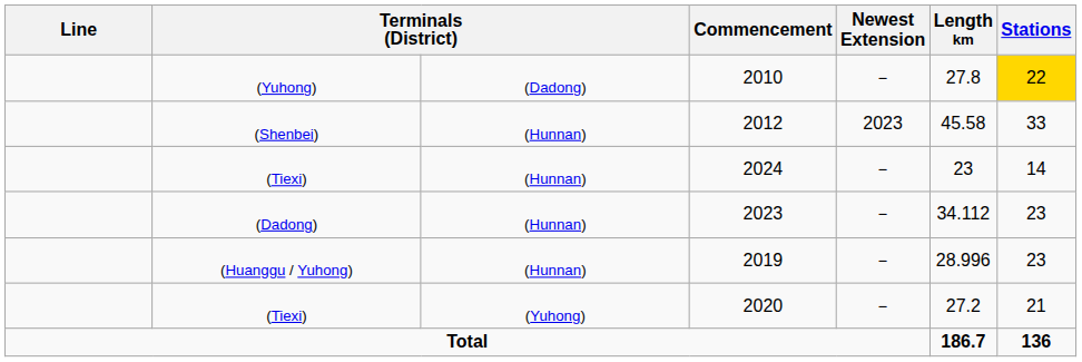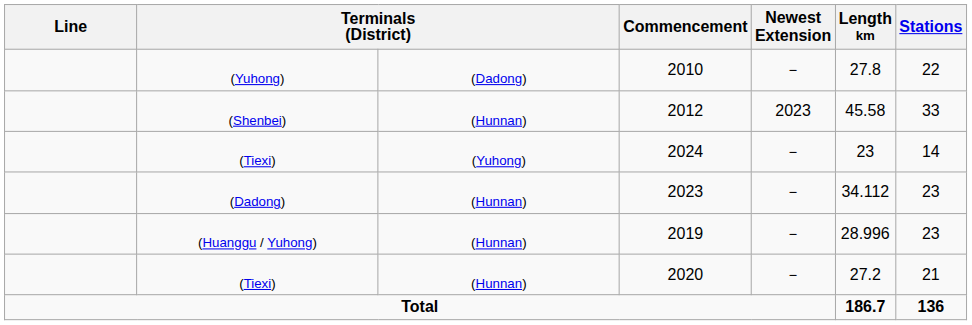 <table class="wikitable sortable" style="cell-padding:1.5; font-size:96%; text-align:center;">
 <tr>
 <th data-sort-type="text"style="width:120px;">Line</th>
 <th class="unsortable" colspan="2" style="width:450px; line-height:1.05">Terminals<br>(District)</th>
 <th>Commencement</th>
 <th>Newest<br>Extension</th>
 <th style="line-height:1.05">Length<br><small>km</small></th>
 <th style="line-height:1.05"><a href='#'>Stations</a></th>
 </tr>
 <tr>
 <td style="text-align:center; line-height:1.05"></td>
 <td style="text-align:center; width:225px; line-height:1.05"><strong></strong><br><small>(<a href='#'>Yuhong</a>)</small></td>
 <td style="text-align:center; width:225px; line-height:1.05"><strong></strong><br><small>(<a href='#'>Dadong</a>)</small></td>
 <td style="text-align:center; line-height:1.05">2010</td>
 <td style="text-align:center; line-height:1.05">－</td>
 <td style="text-align:center; line-height:1.05">27.8</td>
-<td style="background: gold; text-align:center; line-height:1.05">22</td>
+<td style="text-align:center; line-height:1.05">22</td>
 </tr>
 <tr>
 <td style="text-align:center; line-height:1.05"></td>
 <td style="text-align:center; width:225px; line-height:1.05"><strong></strong><br><small>(<a href='#'>Shenbei</a>)</small></td>
 <td style="text-align:center; width:225px; line-height:1.05"><strong></strong><br><small>(<a href='#'>Hunnan</a>)</small></td>
 <td style="text-align:center; line-height:1.05">2012</td>
 <td style="text-align:center; line-height:1.05">2023</td>
 <td style="text-align:center; line-height:1.05">45.58</td>
 <td style="text-align:center; line-height:1.05">33</td>
 </tr>
 <tr>
 <td style="text-align:center; line-height:1.05"></td>
 <td style="text-align:center; width:225px; line-height:1.05"><strong></strong><br><small>(<a href='#'>Tiexi</a>)</small></td>
-<td style="text-align:center; width:225px; line-height:1.05"><strong></strong><br><small>(<a href='#'>Hunnan</a>)</small></td>
+<td style="text-align:center; width:225px; line-height:1.05"><strong></strong><br><small>(<a href='#'>Yuhong</a>)</small></td>
 <td style="text-align:center; line-height:1.05">2024</td>
 <td style="text-align:center; line-height:1.05">－</td>
 <td style="text-align:center; line-height:1.05">23</td>
 <td style="text-align:center; line-height:1.05">14</td>
 </tr>
 <tr>
 <td style="text-align:center; line-height:1.05"></td>
 <td style="text-align:center; width:225px; line-height:1.05"><strong></strong><br><small>(<a href='#'>Dadong</a>)</small></td>
 <td style="text-align:center; width:225px; line-height:1.05"><strong></strong><br><small>(<a href='#'>Hunnan</a>)</small></td>
 <td style="text-align:center; line-height:1.05">2023</td>
 <td>－</td>
 <td>34.112</td>
 <td>23</td>
 </tr>
 <tr>
 <td style="text-align:center; line-height:1.05"></td>
 <td style="text-align:center; width:225px; line-height:1.05"><strong></strong><br><small>(<a href='#'>Huanggu</a> / <a href='#'>Yuhong</a>)</small></td>
 <td style="text-align:center; width:225px; line-height:1.05"><strong></strong><br><small>(<a href='#'>Hunnan</a>)</small></td>
 <td style="text-align:center; line-height:1.05">2019</td>
 <td style="text-align:center; line-height:1.05">－</td>
 <td style="text-align:center; line-height:1.05">28.996</td>
 <td style="text-align:center; line-height:1.05">23</td>
 </tr>
 <tr>
 <td style="text-align:center; line-height:1.05"></td>
 <td style="text-align:center; width:225px; line-height:1.05"><strong></strong><br><small>(<a href='#'>Tiexi</a>)</small></td>
-<td style="text-align:center; width:225px; line-height:1.05"><strong></strong><br><small>(<a href='#'>Yuhong</a>)</small></td>
+<td style="text-align:center; width:225px; line-height:1.05"><strong></strong><br><small>(<a href='#'>Hunnan</a>)</small></td>
 <td style="text-align:center; line-height:1.05">2020</td>
 <td style="text-align:center; line-height:1.05">－</td>
 <td style="text-align:center; line-height:1.05">27.2</td>
 <td style="text-align:center; line-height:1.05">21</td>
 </tr>
 <tr class="sortbottom">
 <td style="text-align:center; line-height:1.05" colspan="5"><strong>Total</strong></td>
 <td style="text-align:center; line-height:1.05"><strong>186.7</strong></td>
 <td style="text-align:center; line-height:1.05"><strong>136</strong></td>
 </tr>
 </table>
